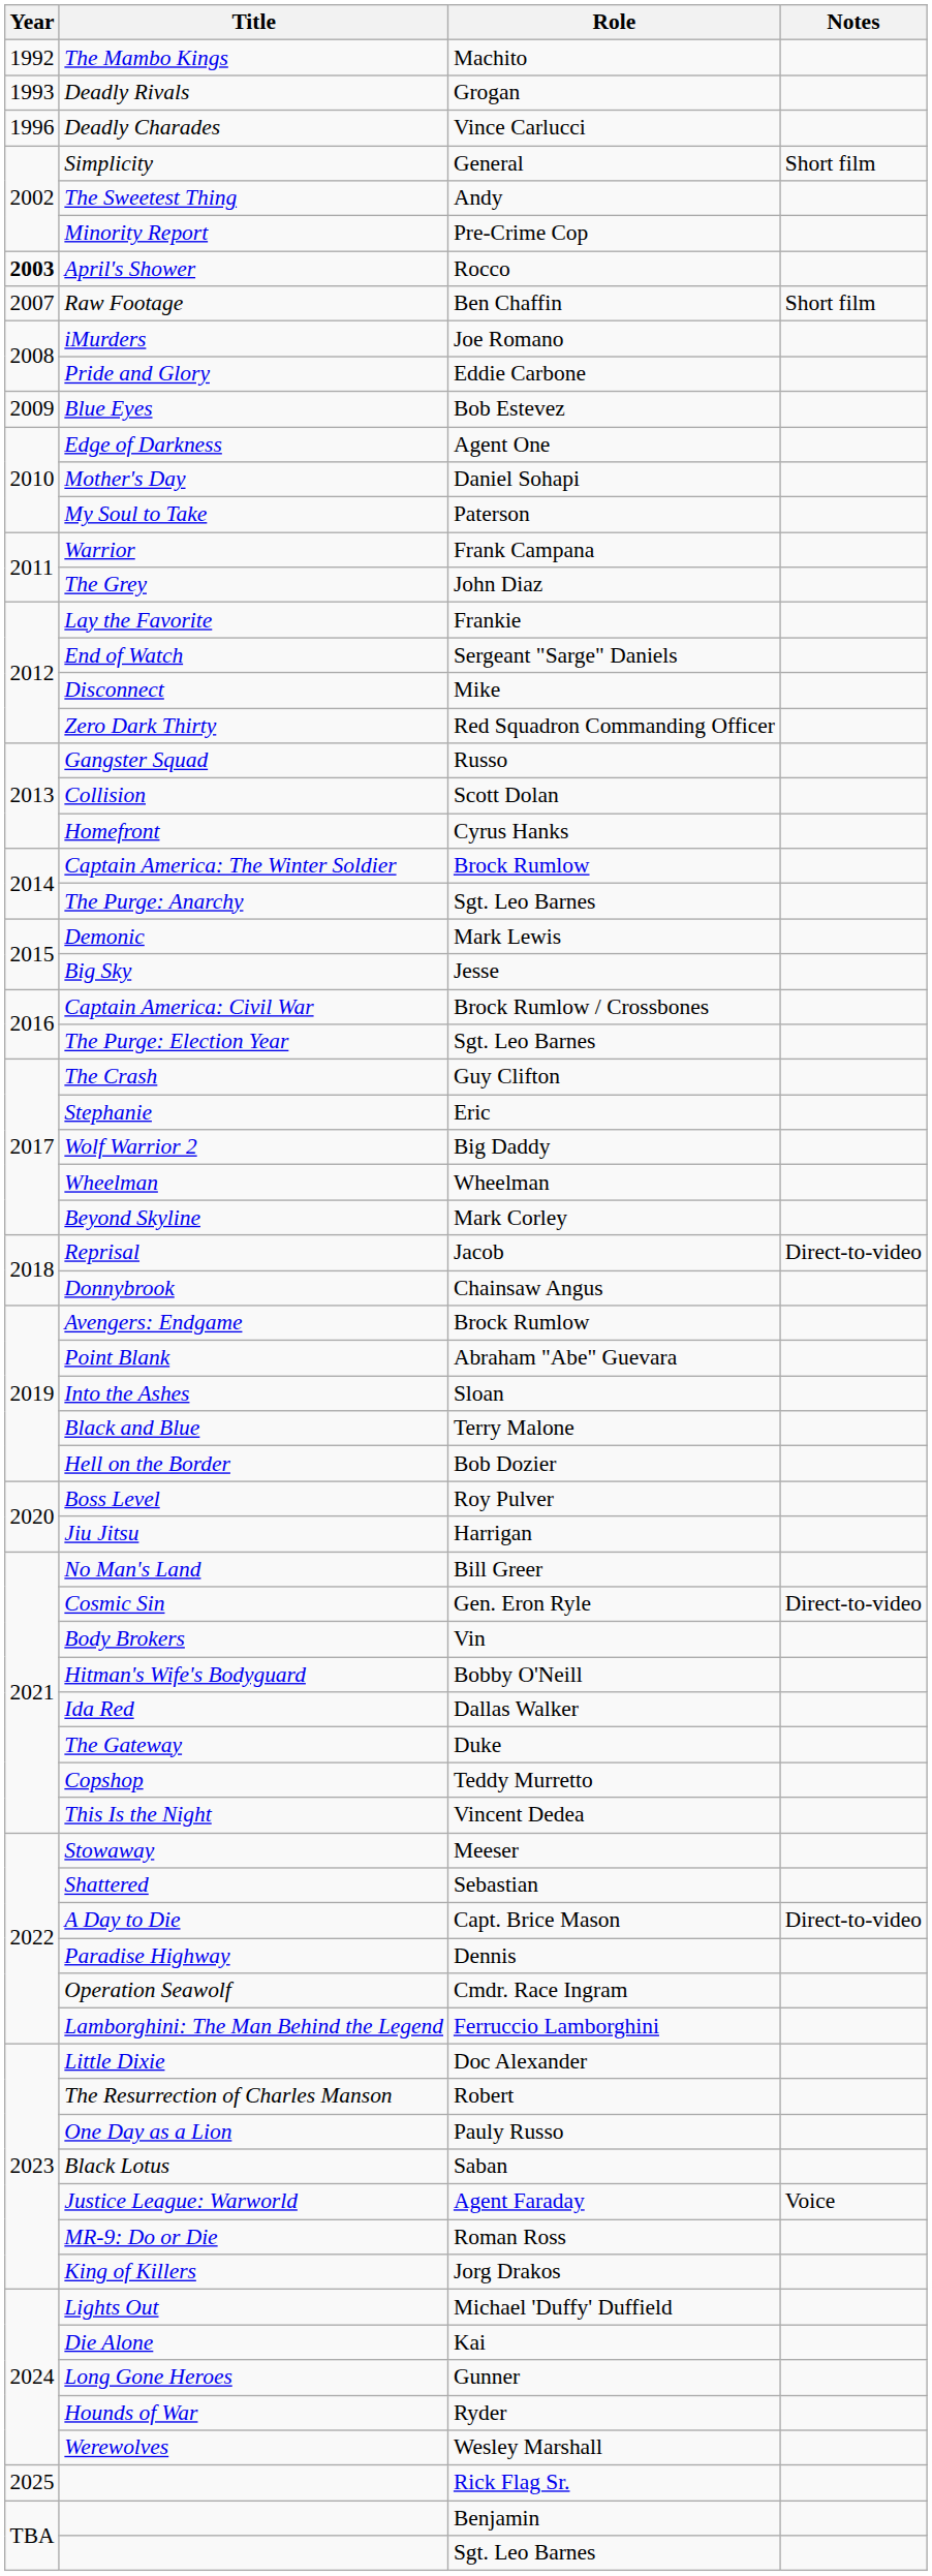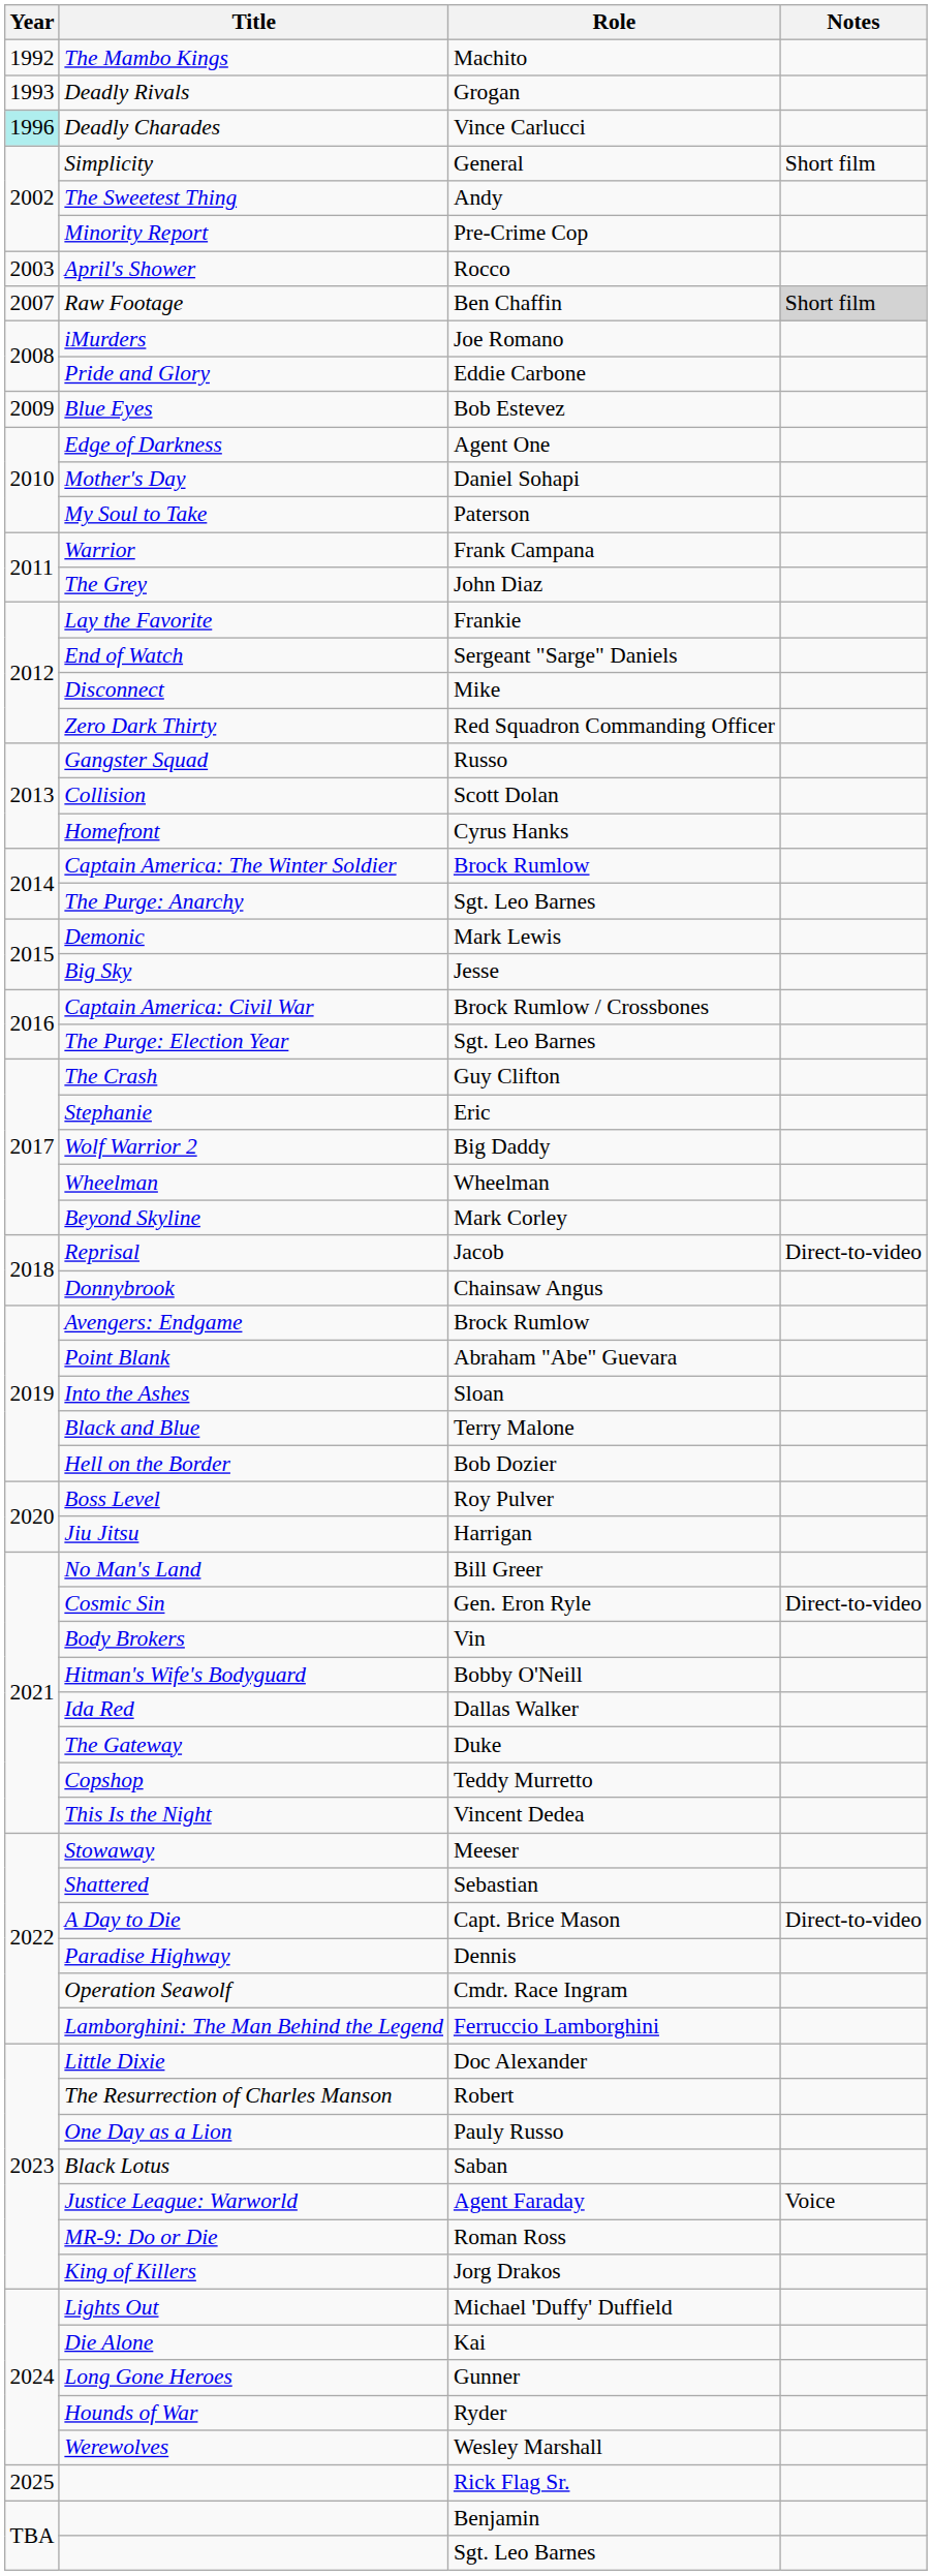 <table class="wikitable plainrowheaders sortable" style="margin-right: 0;">
 <tr>
 <th>Year</th>
 <th>Title</th>
 <th>Role</th>
 <th>Notes</th>
 </tr>
 <tr>
 <td>1992</td>
 <td><em><a href='#'>The Mambo Kings</a></em></td>
 <td>Machito</td>
 <td></td>
 </tr>
 <tr>
 <td>1993</td>
 <td><em>Deadly Rivals</em></td>
 <td>Grogan</td>
 <td></td>
 </tr>
 <tr>
-<td>1996</td>
+<td style="background: paleturquoise;">1996</td>
 <td><em>Deadly Charades</em></td>
 <td>Vince Carlucci</td>
 <td></td>
 </tr>
 <tr>
 <td rowspan="3">2002</td>
 <td><em>Simplicity</em></td>
 <td>General</td>
 <td>Short film</td>
 </tr>
 <tr>
 <td><em><a href='#'>The Sweetest Thing</a></em></td>
 <td>Andy</td>
 <td></td>
 </tr>
 <tr>
 <td><em><a href='#'>Minority Report</a></em></td>
 <td>Pre-Crime Cop</td>
 <td></td>
 </tr>
 <tr>
-<td><strong>2003</strong></td>
+<td>2003</td>
 <td><em><a href='#'>April's Shower</a></em></td>
 <td>Rocco</td>
 <td></td>
 </tr>
 <tr>
 <td>2007</td>
 <td><em>Raw Footage</em></td>
 <td>Ben Chaffin</td>
-<td>Short film</td>
+<td style="background: lightgrey;">Short film</td>
 </tr>
 <tr>
 <td rowspan="2">2008</td>
 <td><em><a href='#'>iMurders</a></em></td>
 <td>Joe Romano</td>
 <td></td>
 </tr>
 <tr>
 <td><em><a href='#'>Pride and Glory</a></em></td>
 <td>Eddie Carbone</td>
 <td></td>
 </tr>
 <tr>
 <td>2009</td>
 <td><em><a href='#'>Blue Eyes</a></em></td>
 <td>Bob Estevez</td>
 <td></td>
 </tr>
 <tr>
 <td rowspan="3">2010</td>
 <td><em><a href='#'>Edge of Darkness</a></em></td>
 <td>Agent One</td>
 <td></td>
 </tr>
 <tr>
 <td><em><a href='#'>Mother's Day</a></em></td>
 <td>Daniel Sohapi</td>
 <td></td>
 </tr>
 <tr>
 <td><em><a href='#'>My Soul to Take</a></em></td>
 <td>Paterson</td>
 <td></td>
 </tr>
 <tr>
 <td rowspan="2">2011</td>
 <td><em><a href='#'>Warrior</a></em></td>
 <td>Frank Campana</td>
 <td></td>
 </tr>
 <tr>
 <td><em><a href='#'>The Grey</a></em></td>
 <td>John Diaz</td>
 <td></td>
 </tr>
 <tr>
 <td rowspan="4">2012</td>
 <td><em><a href='#'>Lay the Favorite</a></em></td>
 <td>Frankie</td>
 <td></td>
 </tr>
 <tr>
 <td><em><a href='#'>End of Watch</a></em></td>
 <td>Sergeant "Sarge" Daniels</td>
 <td></td>
 </tr>
 <tr>
 <td><em><a href='#'>Disconnect</a></em></td>
 <td>Mike</td>
 <td></td>
 </tr>
 <tr>
 <td><em><a href='#'>Zero Dark Thirty</a></em></td>
 <td>Red Squadron Commanding Officer</td>
 <td></td>
 </tr>
 <tr>
 <td rowspan="3">2013</td>
 <td><em><a href='#'>Gangster Squad</a></em></td>
 <td>Russo</td>
 <td></td>
 </tr>
 <tr>
 <td><em><a href='#'>Collision</a></em></td>
 <td>Scott Dolan</td>
 <td></td>
 </tr>
 <tr>
 <td><em><a href='#'>Homefront</a></em></td>
 <td>Cyrus Hanks</td>
 <td></td>
 </tr>
 <tr>
 <td rowspan="2">2014</td>
 <td><em><a href='#'>Captain America: The Winter Soldier</a></em></td>
 <td><a href='#'>Brock Rumlow</a></td>
 <td></td>
 </tr>
 <tr>
 <td><em><a href='#'>The Purge: Anarchy</a></em></td>
 <td>Sgt. Leo Barnes</td>
 <td></td>
 </tr>
 <tr>
 <td rowspan="2">2015</td>
 <td><em><a href='#'>Demonic</a></em></td>
 <td>Mark Lewis</td>
 <td></td>
 </tr>
 <tr>
 <td><em><a href='#'>Big Sky</a></em></td>
 <td>Jesse</td>
 <td></td>
 </tr>
 <tr>
 <td rowspan="2">2016</td>
 <td><em><a href='#'>Captain America: Civil War</a></em></td>
 <td>Brock Rumlow / Crossbones</td>
 <td></td>
 </tr>
 <tr>
 <td><em><a href='#'>The Purge: Election Year</a></em></td>
 <td>Sgt. Leo Barnes</td>
 <td></td>
 </tr>
 <tr>
 <td rowspan="5">2017</td>
 <td><em><a href='#'>The Crash</a></em></td>
 <td>Guy Clifton</td>
 <td></td>
 </tr>
 <tr>
 <td><em><a href='#'>Stephanie</a></em></td>
 <td>Eric</td>
 <td></td>
 </tr>
 <tr>
 <td><em><a href='#'>Wolf Warrior 2</a></em></td>
 <td>Big Daddy</td>
 <td></td>
 </tr>
 <tr>
 <td><em><a href='#'>Wheelman</a></em></td>
 <td>Wheelman</td>
 <td></td>
 </tr>
 <tr>
 <td><em><a href='#'>Beyond Skyline</a></em></td>
 <td>Mark Corley</td>
 <td></td>
 </tr>
 <tr>
 <td rowspan="2">2018</td>
 <td><em><a href='#'>Reprisal</a></em></td>
 <td>Jacob</td>
 <td>Direct-to-video</td>
 </tr>
 <tr>
 <td><em><a href='#'>Donnybrook</a></em></td>
 <td>Chainsaw Angus</td>
 <td></td>
 </tr>
 <tr>
 <td rowspan="5">2019</td>
 <td><em><a href='#'>Avengers: Endgame</a></em></td>
 <td>Brock Rumlow</td>
 <td></td>
 </tr>
 <tr>
 <td><em><a href='#'>Point Blank</a></em></td>
 <td>Abraham "Abe" Guevara</td>
 <td></td>
 </tr>
 <tr>
 <td><em><a href='#'>Into the Ashes</a></em></td>
 <td>Sloan</td>
 <td></td>
 </tr>
 <tr>
 <td><em><a href='#'>Black and Blue</a></em></td>
 <td>Terry Malone</td>
 <td></td>
 </tr>
 <tr>
 <td><em><a href='#'>Hell on the Border</a></em></td>
 <td>Bob Dozier</td>
 <td></td>
 </tr>
 <tr>
 <td rowspan="2">2020</td>
 <td><em><a href='#'>Boss Level</a></em></td>
 <td>Roy Pulver</td>
 <td></td>
 </tr>
 <tr>
 <td><em><a href='#'>Jiu Jitsu</a></em></td>
 <td>Harrigan</td>
 <td></td>
 </tr>
 <tr>
 <td rowspan="8">2021</td>
 <td><em><a href='#'>No Man's Land</a></em></td>
 <td>Bill Greer</td>
 <td></td>
 </tr>
 <tr>
 <td><em><a href='#'>Cosmic Sin</a></em></td>
 <td>Gen. Eron Ryle</td>
 <td>Direct-to-video</td>
 </tr>
 <tr>
 <td><em><a href='#'>Body Brokers</a></em></td>
 <td>Vin</td>
 <td></td>
 </tr>
 <tr>
 <td><em><a href='#'>Hitman's Wife's Bodyguard</a></em></td>
 <td>Bobby O'Neill</td>
 <td></td>
 </tr>
 <tr>
 <td><em><a href='#'>Ida Red</a></em></td>
 <td>Dallas Walker</td>
 <td></td>
 </tr>
 <tr>
 <td><em><a href='#'>The Gateway</a></em></td>
 <td>Duke</td>
 <td></td>
 </tr>
 <tr>
 <td><em><a href='#'>Copshop</a></em></td>
 <td>Teddy Murretto</td>
 <td></td>
 </tr>
 <tr>
 <td><em><a href='#'>This Is the Night</a></em></td>
 <td>Vincent Dedea</td>
 <td></td>
 </tr>
 <tr>
 <td rowspan="6">2022</td>
 <td><em><a href='#'>Stowaway</a></em></td>
 <td>Meeser</td>
 <td></td>
 </tr>
 <tr>
 <td><em><a href='#'>Shattered</a></em></td>
 <td>Sebastian</td>
 <td></td>
 </tr>
 <tr>
 <td><em><a href='#'>A Day to Die</a></em></td>
 <td>Capt. Brice Mason</td>
 <td>Direct-to-video</td>
 </tr>
 <tr>
 <td><em><a href='#'>Paradise Highway</a></em></td>
 <td>Dennis</td>
 <td></td>
 </tr>
 <tr>
 <td><em>Operation Seawolf</em></td>
 <td>Cmdr. Race Ingram</td>
 <td></td>
 </tr>
 <tr>
 <td><em><a href='#'>Lamborghini: The Man Behind the Legend</a></em></td>
 <td><a href='#'>Ferruccio Lamborghini</a></td>
 <td></td>
 </tr>
 <tr>
 <td rowspan="7">2023</td>
 <td><em><a href='#'>Little Dixie</a></em></td>
 <td>Doc Alexander</td>
 <td></td>
 </tr>
 <tr>
 <td><em>The Resurrection of Charles Manson</em></td>
 <td>Robert</td>
 <td></td>
 </tr>
 <tr>
 <td><em><a href='#'>One Day as a Lion</a></em></td>
 <td>Pauly Russo</td>
 <td></td>
 </tr>
 <tr>
 <td><em>Black Lotus</em></td>
 <td>Saban</td>
 <td></td>
 </tr>
 <tr>
 <td><em><a href='#'>Justice League: Warworld</a></em></td>
 <td><a href='#'>Agent Faraday</a></td>
 <td>Voice</td>
 </tr>
 <tr>
 <td><em><a href='#'>MR-9: Do or Die</a></em></td>
 <td>Roman Ross</td>
 <td></td>
 </tr>
 <tr>
 <td><em><a href='#'>King of Killers</a></em></td>
 <td>Jorg Drakos</td>
 <td></td>
 </tr>
 <tr>
 <td rowspan="5">2024</td>
 <td><em><a href='#'>Lights Out</a></em></td>
 <td>Michael 'Duffy' Duffield</td>
 <td></td>
 </tr>
 <tr>
 <td><em><a href='#'>Die Alone</a></em></td>
 <td>Kai</td>
 <td></td>
 </tr>
 <tr>
 <td><em><a href='#'>Long Gone Heroes</a></em></td>
 <td>Gunner</td>
 <td></td>
 </tr>
 <tr>
 <td><em><a href='#'>Hounds of War</a></em></td>
 <td>Ryder</td>
 <td></td>
 </tr>
 <tr>
 <td><em><a href='#'>Werewolves</a></em></td>
 <td>Wesley Marshall</td>
 <td></td>
 </tr>
 <tr>
 <td>2025</td>
 <td></td>
 <td><a href='#'>Rick Flag Sr.</a></td>
 <td></td>
 </tr>
 <tr>
 <td rowspan="2">TBA</td>
 <td></td>
 <td>Benjamin</td>
 <td></td>
 </tr>
 <tr>
 <td></td>
 <td>Sgt. Leo Barnes</td>
 <td></td>
 </tr>
 </table>
